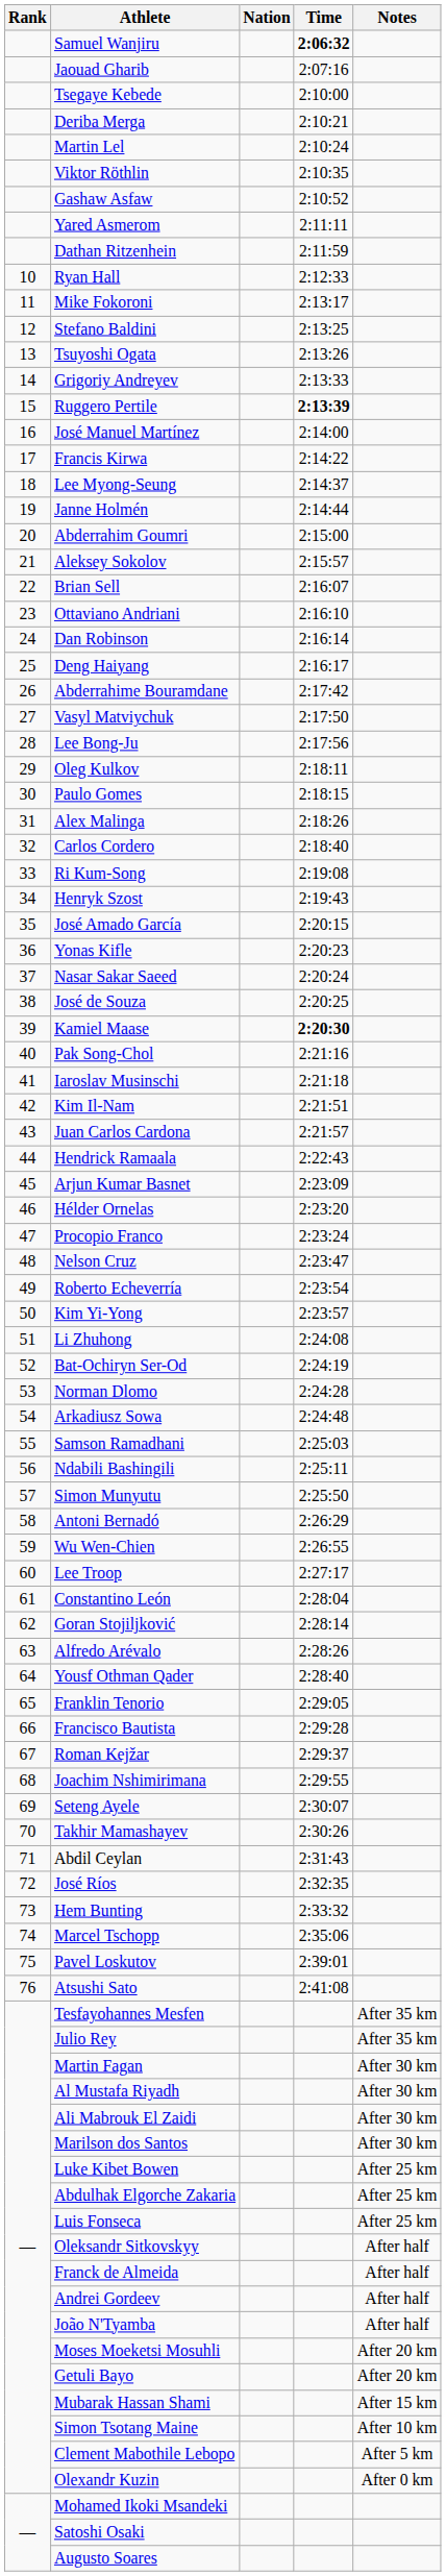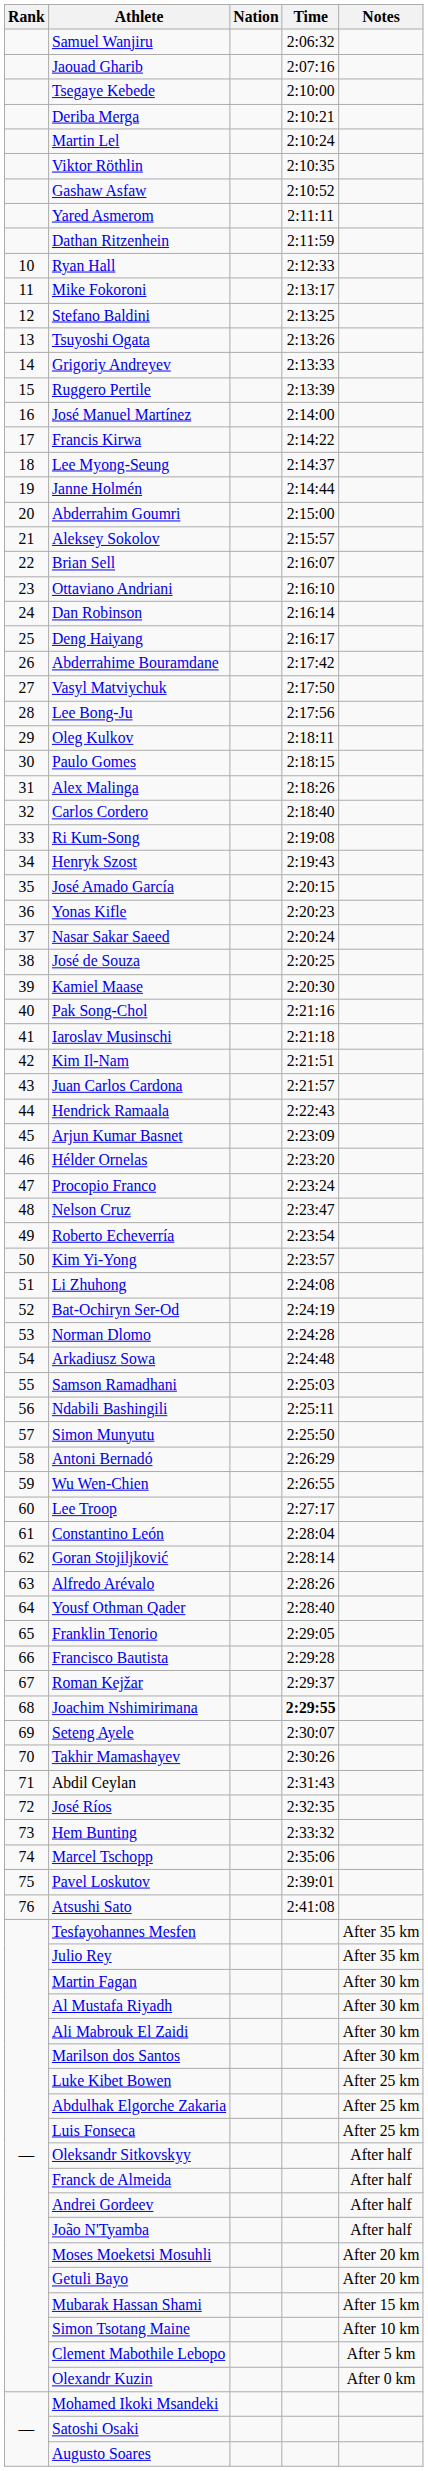 <table class="wikitable sortable" style=text-align:center>
 <tr>
 <th>Rank</th>
 <th>Athlete</th>
 <th>Nation</th>
 <th>Time</th>
 <th>Notes</th>
 </tr>
 <tr>
 <td></td>
 <td align=left><a href='#'>Samuel Wanjiru</a></td>
 <td align=left></td>
-<td><strong>2:06:32</strong></td>
+<td>2:06:32</td>
 <td></td>
 </tr>
 <tr>
 <td></td>
 <td align=left><a href='#'>Jaouad Gharib</a></td>
 <td align=left></td>
 <td>2:07:16</td>
 <td></td>
 </tr>
 <tr>
 <td></td>
 <td align=left><a href='#'>Tsegaye Kebede</a></td>
 <td align=left></td>
 <td>2:10:00</td>
 <td></td>
 </tr>
 <tr>
 <td></td>
 <td align=left><a href='#'>Deriba Merga</a></td>
 <td align=left></td>
 <td>2:10:21</td>
 <td></td>
 </tr>
 <tr>
 <td></td>
 <td align=left><a href='#'>Martin Lel</a></td>
 <td align=left></td>
 <td>2:10:24</td>
 <td></td>
 </tr>
 <tr>
 <td></td>
 <td align=left><a href='#'>Viktor Röthlin</a></td>
 <td align=left></td>
 <td>2:10:35</td>
 <td></td>
 </tr>
 <tr>
 <td></td>
 <td align=left><a href='#'>Gashaw Asfaw</a></td>
 <td align=left></td>
 <td>2:10:52</td>
 <td></td>
 </tr>
 <tr>
 <td></td>
 <td align=left><a href='#'>Yared Asmerom</a></td>
 <td align=left></td>
 <td>2:11:11</td>
 <td></td>
 </tr>
 <tr>
 <td></td>
 <td align=left><a href='#'>Dathan Ritzenhein</a></td>
 <td align=left></td>
 <td>2:11:59</td>
 <td></td>
 </tr>
 <tr>
 <td>10</td>
 <td align=left><a href='#'>Ryan Hall</a></td>
 <td align=left></td>
 <td>2:12:33</td>
 <td></td>
 </tr>
 <tr>
 <td>11</td>
 <td align=left><a href='#'>Mike Fokoroni</a></td>
 <td align=left></td>
 <td>2:13:17</td>
 <td></td>
 </tr>
 <tr>
 <td>12</td>
 <td align=left><a href='#'>Stefano Baldini</a></td>
 <td align=left></td>
 <td>2:13:25</td>
 <td></td>
 </tr>
 <tr>
 <td>13</td>
 <td align=left><a href='#'>Tsuyoshi Ogata</a></td>
 <td align=left></td>
 <td>2:13:26</td>
 <td></td>
 </tr>
 <tr>
 <td>14</td>
 <td align=left><a href='#'>Grigoriy Andreyev</a></td>
 <td align=left></td>
 <td>2:13:33</td>
 <td></td>
 </tr>
 <tr>
 <td>15</td>
 <td align=left><a href='#'>Ruggero Pertile</a></td>
 <td align=left></td>
-<td><strong>2:13:39</strong></td>
+<td>2:13:39</td>
 <td></td>
 </tr>
 <tr>
 <td>16</td>
 <td align=left><a href='#'>José Manuel Martínez</a></td>
 <td align=left></td>
 <td>2:14:00</td>
 <td></td>
 </tr>
 <tr>
 <td>17</td>
 <td align=left><a href='#'>Francis Kirwa</a></td>
 <td align=left></td>
 <td>2:14:22</td>
 <td></td>
 </tr>
 <tr>
 <td>18</td>
 <td align=left><a href='#'>Lee Myong-Seung</a></td>
 <td align=left></td>
 <td>2:14:37</td>
 <td></td>
 </tr>
 <tr>
 <td>19</td>
 <td align=left><a href='#'>Janne Holmén</a></td>
 <td align=left></td>
 <td>2:14:44</td>
 <td></td>
 </tr>
 <tr>
 <td>20</td>
 <td align=left><a href='#'>Abderrahim Goumri</a></td>
 <td align=left></td>
 <td>2:15:00</td>
 <td></td>
 </tr>
 <tr>
 <td>21</td>
 <td align=left><a href='#'>Aleksey Sokolov</a></td>
 <td align=left></td>
 <td>2:15:57</td>
 <td></td>
 </tr>
 <tr>
 <td>22</td>
 <td align=left><a href='#'>Brian Sell</a></td>
 <td align=left></td>
 <td>2:16:07</td>
 <td></td>
 </tr>
 <tr>
 <td>23</td>
 <td align=left><a href='#'>Ottaviano Andriani</a></td>
 <td align=left></td>
 <td>2:16:10</td>
 <td></td>
 </tr>
 <tr>
 <td>24</td>
 <td align=left><a href='#'>Dan Robinson</a></td>
 <td align=left></td>
 <td>2:16:14</td>
 <td></td>
 </tr>
 <tr>
 <td>25</td>
 <td align=left><a href='#'>Deng Haiyang</a></td>
 <td align=left></td>
 <td>2:16:17</td>
 <td></td>
 </tr>
 <tr>
 <td>26</td>
 <td align=left><a href='#'>Abderrahime Bouramdane</a></td>
 <td align=left></td>
 <td>2:17:42</td>
 <td></td>
 </tr>
 <tr>
 <td>27</td>
 <td align=left><a href='#'>Vasyl Matviychuk</a></td>
 <td align=left></td>
 <td>2:17:50</td>
 <td></td>
 </tr>
 <tr>
 <td>28</td>
 <td align=left><a href='#'>Lee Bong-Ju</a></td>
 <td align=left></td>
 <td>2:17:56</td>
 <td></td>
 </tr>
 <tr>
 <td>29</td>
 <td align=left><a href='#'>Oleg Kulkov</a></td>
 <td align=left></td>
 <td>2:18:11</td>
 <td></td>
 </tr>
 <tr>
 <td>30</td>
 <td align=left><a href='#'>Paulo Gomes</a></td>
 <td align=left></td>
 <td>2:18:15</td>
 <td></td>
 </tr>
 <tr>
 <td>31</td>
 <td align=left><a href='#'>Alex Malinga</a></td>
 <td align=left></td>
 <td>2:18:26</td>
 <td></td>
 </tr>
 <tr>
 <td>32</td>
 <td align=left><a href='#'>Carlos Cordero</a></td>
 <td align=left></td>
 <td>2:18:40</td>
 <td></td>
 </tr>
 <tr>
 <td>33</td>
 <td align=left><a href='#'>Ri Kum-Song</a></td>
 <td align=left></td>
 <td>2:19:08</td>
 <td></td>
 </tr>
 <tr>
 <td>34</td>
 <td align=left><a href='#'>Henryk Szost</a></td>
 <td align=left></td>
 <td>2:19:43</td>
 <td></td>
 </tr>
 <tr>
 <td>35</td>
 <td align=left><a href='#'>José Amado García</a></td>
 <td align=left></td>
 <td>2:20:15</td>
 <td></td>
 </tr>
 <tr>
 <td>36</td>
 <td align=left><a href='#'>Yonas Kifle</a></td>
 <td align=left></td>
 <td>2:20:23</td>
 <td></td>
 </tr>
 <tr>
 <td>37</td>
 <td align=left><a href='#'>Nasar Sakar Saeed</a></td>
 <td align=left></td>
 <td>2:20:24</td>
 <td></td>
 </tr>
 <tr>
 <td>38</td>
 <td align=left><a href='#'>José de Souza</a></td>
 <td align=left></td>
 <td>2:20:25</td>
 <td></td>
 </tr>
 <tr>
 <td>39</td>
 <td align=left><a href='#'>Kamiel Maase</a></td>
 <td align=left></td>
-<td><strong>2:20:30</strong></td>
+<td>2:20:30</td>
 <td></td>
 </tr>
 <tr>
 <td>40</td>
 <td align=left><a href='#'>Pak Song-Chol</a></td>
 <td align=left></td>
 <td>2:21:16</td>
 <td></td>
 </tr>
 <tr>
 <td>41</td>
 <td align=left><a href='#'>Iaroslav Musinschi</a></td>
 <td align=left></td>
 <td>2:21:18</td>
 <td></td>
 </tr>
 <tr>
 <td>42</td>
 <td align=left><a href='#'>Kim Il-Nam</a></td>
 <td align=left></td>
 <td>2:21:51</td>
 <td></td>
 </tr>
 <tr>
 <td>43</td>
 <td align=left><a href='#'>Juan Carlos Cardona</a></td>
 <td align=left></td>
 <td>2:21:57</td>
 <td></td>
 </tr>
 <tr>
 <td>44</td>
 <td align=left><a href='#'>Hendrick Ramaala</a></td>
 <td align=left></td>
 <td>2:22:43</td>
 <td></td>
 </tr>
 <tr>
 <td>45</td>
 <td align=left><a href='#'>Arjun Kumar Basnet</a></td>
 <td align=left></td>
 <td>2:23:09</td>
 <td></td>
 </tr>
 <tr>
 <td>46</td>
 <td align=left><a href='#'>Hélder Ornelas</a></td>
 <td align=left></td>
 <td>2:23:20</td>
 <td></td>
 </tr>
 <tr>
 <td>47</td>
 <td align=left><a href='#'>Procopio Franco</a></td>
 <td align=left></td>
 <td>2:23:24</td>
 <td></td>
 </tr>
 <tr>
 <td>48</td>
 <td align=left><a href='#'>Nelson Cruz</a></td>
 <td align=left></td>
 <td>2:23:47</td>
 <td></td>
 </tr>
 <tr>
 <td>49</td>
 <td align=left><a href='#'>Roberto Echeverría</a></td>
 <td align=left></td>
 <td>2:23:54</td>
 <td></td>
 </tr>
 <tr>
 <td>50</td>
 <td align=left><a href='#'>Kim Yi-Yong</a></td>
 <td align=left></td>
 <td>2:23:57</td>
 <td></td>
 </tr>
 <tr>
 <td>51</td>
 <td align=left><a href='#'>Li Zhuhong</a></td>
 <td align=left></td>
 <td>2:24:08</td>
 <td></td>
 </tr>
 <tr>
 <td>52</td>
 <td align=left><a href='#'>Bat-Ochiryn Ser-Od</a></td>
 <td align=left></td>
 <td>2:24:19</td>
 <td></td>
 </tr>
 <tr>
 <td>53</td>
 <td align=left><a href='#'>Norman Dlomo</a></td>
 <td align=left></td>
 <td>2:24:28</td>
 <td></td>
 </tr>
 <tr>
 <td>54</td>
 <td align=left><a href='#'>Arkadiusz Sowa</a></td>
 <td align=left></td>
 <td>2:24:48</td>
 <td></td>
 </tr>
 <tr>
 <td>55</td>
 <td align=left><a href='#'>Samson Ramadhani</a></td>
 <td align=left></td>
 <td>2:25:03</td>
 <td></td>
 </tr>
 <tr>
 <td>56</td>
 <td align=left><a href='#'>Ndabili Bashingili</a></td>
 <td align=left></td>
 <td>2:25:11</td>
 <td></td>
 </tr>
 <tr>
 <td>57</td>
 <td align=left><a href='#'>Simon Munyutu</a></td>
 <td align=left></td>
 <td>2:25:50</td>
 <td></td>
 </tr>
 <tr>
 <td>58</td>
 <td align=left><a href='#'>Antoni Bernadó</a></td>
 <td align=left></td>
 <td>2:26:29</td>
 <td></td>
 </tr>
 <tr>
 <td>59</td>
 <td align=left><a href='#'>Wu Wen-Chien</a></td>
 <td align=left></td>
 <td>2:26:55</td>
 <td></td>
 </tr>
 <tr>
 <td>60</td>
 <td align=left><a href='#'>Lee Troop</a></td>
 <td align=left></td>
 <td>2:27:17</td>
 <td></td>
 </tr>
 <tr>
 <td>61</td>
 <td align=left><a href='#'>Constantino León</a></td>
 <td align=left></td>
 <td>2:28:04</td>
 <td></td>
 </tr>
 <tr>
 <td>62</td>
 <td align=left><a href='#'>Goran Stojiljković</a></td>
 <td align=left></td>
 <td>2:28:14</td>
 <td></td>
 </tr>
 <tr>
 <td>63</td>
 <td align=left><a href='#'>Alfredo Arévalo</a></td>
 <td align=left></td>
 <td>2:28:26</td>
 <td></td>
 </tr>
 <tr>
 <td>64</td>
 <td align=left><a href='#'>Yousf Othman Qader</a></td>
 <td align=left></td>
 <td>2:28:40</td>
 <td></td>
 </tr>
 <tr>
 <td>65</td>
 <td align=left><a href='#'>Franklin Tenorio</a></td>
 <td align=left></td>
 <td>2:29:05</td>
 <td></td>
 </tr>
 <tr>
 <td>66</td>
 <td align=left><a href='#'>Francisco Bautista</a></td>
 <td align=left></td>
 <td>2:29:28</td>
 <td></td>
 </tr>
 <tr>
 <td>67</td>
 <td align=left><a href='#'>Roman Kejžar</a></td>
 <td align=left></td>
 <td>2:29:37</td>
 <td></td>
 </tr>
 <tr>
 <td>68</td>
 <td align=left><a href='#'>Joachim Nshimirimana</a></td>
 <td align=left></td>
-<td>2:29:55</td>
+<td><strong>2:29:55</strong></td>
 <td></td>
 </tr>
 <tr>
 <td>69</td>
 <td align=left><a href='#'>Seteng Ayele</a></td>
 <td align=left></td>
 <td>2:30:07</td>
 <td></td>
 </tr>
 <tr>
 <td>70</td>
 <td align=left><a href='#'>Takhir Mamashayev</a></td>
 <td align=left></td>
 <td>2:30:26</td>
 <td></td>
 </tr>
 <tr>
 <td>71</td>
 <td align=left>Abdil Ceylan</td>
 <td align=left></td>
 <td>2:31:43</td>
 <td></td>
 </tr>
 <tr>
 <td>72</td>
 <td align=left><a href='#'>José Ríos</a></td>
 <td align=left></td>
 <td>2:32:35</td>
 <td></td>
 </tr>
 <tr>
 <td>73</td>
 <td align=left><a href='#'>Hem Bunting</a></td>
 <td align=left></td>
 <td>2:33:32</td>
 <td></td>
 </tr>
 <tr>
 <td>74</td>
 <td align=left><a href='#'>Marcel Tschopp</a></td>
 <td align=left></td>
 <td>2:35:06</td>
 <td></td>
 </tr>
 <tr>
 <td>75</td>
 <td align=left><a href='#'>Pavel Loskutov</a></td>
 <td align=left></td>
 <td>2:39:01</td>
 <td></td>
 </tr>
 <tr>
 <td>76</td>
 <td align=left><a href='#'>Atsushi Sato</a></td>
 <td align=left></td>
 <td>2:41:08</td>
 <td></td>
 </tr>
 <tr>
 <td rowspan=19 data-sort-value=77>—</td>
 <td align=left><a href='#'>Tesfayohannes Mesfen</a></td>
 <td align=left></td>
 <td data-sort-value=4:00:00></td>
 <td>After 35 km</td>
 </tr>
 <tr>
 <td align=left><a href='#'>Julio Rey</a></td>
 <td align=left></td>
 <td data-sort-value=4:00:00></td>
 <td>After 35 km</td>
 </tr>
 <tr>
 <td align=left><a href='#'>Martin Fagan</a></td>
 <td align=left></td>
 <td data-sort-value=4:00:00></td>
 <td>After 30 km</td>
 </tr>
 <tr>
 <td align=left><a href='#'>Al Mustafa Riyadh</a></td>
 <td align=left></td>
 <td data-sort-value=4:00:00></td>
 <td>After 30 km</td>
 </tr>
 <tr>
 <td align=left><a href='#'>Ali Mabrouk El Zaidi</a></td>
 <td align=left></td>
 <td data-sort-value=4:00:00></td>
 <td>After 30 km</td>
 </tr>
 <tr>
 <td align=left><a href='#'>Marilson dos Santos</a></td>
 <td align=left></td>
 <td data-sort-value=4:00:00></td>
 <td>After 30 km</td>
 </tr>
 <tr>
 <td align=left><a href='#'>Luke Kibet Bowen</a></td>
 <td align=left></td>
 <td data-sort-value=4:00:00></td>
 <td>After 25 km</td>
 </tr>
 <tr>
 <td align=left><a href='#'>Abdulhak Elgorche Zakaria</a></td>
 <td align=left></td>
 <td data-sort-value=4:00:00></td>
 <td>After 25 km</td>
 </tr>
 <tr>
 <td align=left><a href='#'>Luis Fonseca</a></td>
 <td align=left></td>
 <td data-sort-value=4:00:00></td>
 <td>After 25 km</td>
 </tr>
 <tr>
 <td align=left><a href='#'>Oleksandr Sitkovskyy</a></td>
 <td align=left></td>
 <td data-sort-value=4:00:00></td>
 <td>After half</td>
 </tr>
 <tr>
 <td align=left><a href='#'>Franck de Almeida</a></td>
 <td align=left></td>
 <td data-sort-value=4:00:00></td>
 <td>After half</td>
 </tr>
 <tr>
 <td align=left><a href='#'>Andrei Gordeev</a></td>
 <td align=left></td>
 <td data-sort-value=4:00:00></td>
 <td>After half</td>
 </tr>
 <tr>
 <td align=left><a href='#'>João N'Tyamba</a></td>
 <td align=left></td>
 <td data-sort-value=4:00:00></td>
 <td>After half</td>
 </tr>
 <tr>
 <td align=left><a href='#'>Moses Moeketsi Mosuhli</a></td>
 <td align=left></td>
 <td data-sort-value=4:00:00></td>
 <td>After 20 km</td>
 </tr>
 <tr>
 <td align=left><a href='#'>Getuli Bayo</a></td>
 <td align=left></td>
 <td data-sort-value=4:00:00></td>
 <td>After 20 km</td>
 </tr>
 <tr>
 <td align=left><a href='#'>Mubarak Hassan Shami</a></td>
 <td align=left></td>
 <td data-sort-value=4:00:00></td>
 <td>After 15 km</td>
 </tr>
 <tr>
 <td align=left><a href='#'>Simon Tsotang Maine</a></td>
 <td align=left></td>
 <td data-sort-value=4:00:00></td>
 <td>After 10 km</td>
 </tr>
 <tr>
 <td align=left><a href='#'>Clement Mabothile Lebopo</a></td>
 <td align=left></td>
 <td data-sort-value=4:00:00></td>
 <td>After 5 km</td>
 </tr>
 <tr>
 <td align=left><a href='#'>Olexandr Kuzin</a></td>
 <td align=left></td>
 <td data-sort-value=4:00:00></td>
 <td>After 0 km</td>
 </tr>
 <tr>
 <td rowspan=3 data-sort-value=96>—</td>
 <td align=left><a href='#'>Mohamed Ikoki Msandeki</a></td>
 <td align=left></td>
 <td data-sort-value=9:00:00></td>
 <td></td>
 </tr>
 <tr>
 <td align=left><a href='#'>Satoshi Osaki</a></td>
 <td align=left></td>
 <td data-sort-value=9:00:00></td>
 <td></td>
 </tr>
 <tr>
 <td align=left><a href='#'>Augusto Soares</a></td>
 <td align=left></td>
 <td data-sort-value=9:00:00></td>
 <td></td>
 </tr>
 </table>
